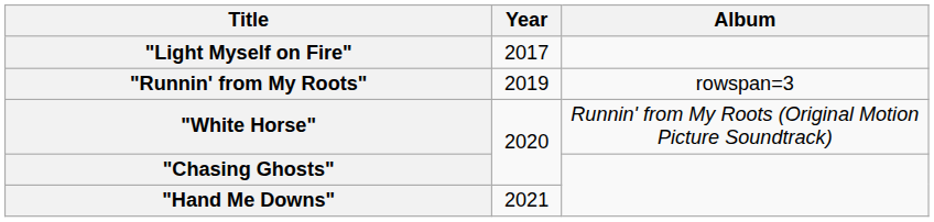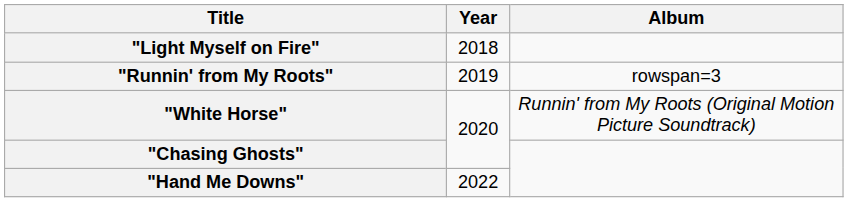 <table class="wikitable plainrowheaders" style="text-align:center;">
 <tr>
 <th scope="col" rowspan="1" style="width:24em;">Title</th>
 <th scope="col" rowspan="1" style="width:3em;">Year</th>
 <th scope="col" rowspan="1" style="width:18em;">Album</th>
 </tr>
 <tr>
 <th scope="row">"Light Myself on Fire"</th>
-<td>2017</td>
+<td>2018</td>
 <td></td>
 </tr>
 <tr>
 <th scope="row">"Runnin' from My Roots"</th>
 <td>2019</td>
 <td>rowspan=3 </td>
 </tr>
 <tr>
 <th scope="row">"White Horse"</th>
 <td rowspan=2>2020</td>
 <td><em>Runnin' from My Roots (Original Motion Picture Soundtrack)</em></td>
 </tr>
 <tr>
 <th scope="row">"Chasing Ghosts"</th>
 </tr>
 <tr>
 <th scope="row">"Hand Me Downs"<br> </th>
-<td>2021</td>
+<td>2022</td>
 </tr>
 </table>
